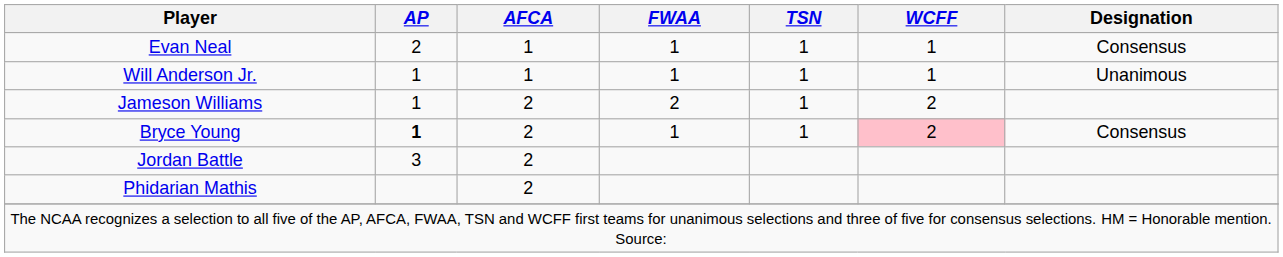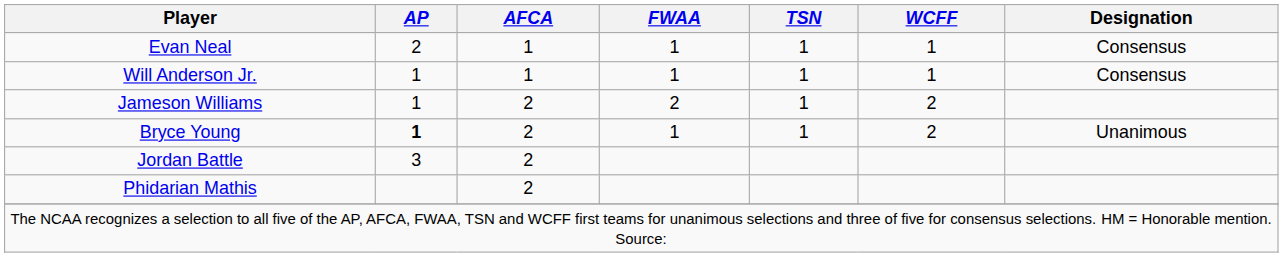 <table class="wikitable" style="width: 90%;text-align: center;">
 <tr>
 <th>Player</th>
 <th><a href='#'><span><em>AP</em></span></a></th>
 <th><a href='#'><span><em>AFCA</em></span></a></th>
 <th><a href='#'><span><em>FWAA</em></span></a></th>
 <th><a href='#'><span><em>TSN</em></span></a></th>
 <th><a href='#'><span><em>WCFF</em></span></a></th>
 <th>Designation</th>
 </tr>
 <tr align="center">
 <td><a href='#'>Evan Neal</a></td>
 <td>2</td>
 <td>1</td>
 <td>1</td>
 <td>1</td>
 <td>1</td>
 <td>Consensus</td>
 </tr>
 <tr>
 <td><a href='#'>Will Anderson Jr.</a></td>
 <td>1</td>
 <td>1</td>
 <td>1</td>
 <td>1</td>
 <td>1</td>
-<td>Unanimous</td>
+<td>Consensus</td>
 </tr>
 <tr>
 <td><a href='#'>Jameson Williams</a></td>
 <td>1</td>
 <td>2</td>
 <td>2</td>
 <td>1</td>
 <td>2</td>
 <td></td>
 </tr>
 <tr>
 <td><a href='#'>Bryce Young</a></td>
 <td><strong>1</strong></td>
 <td>2</td>
 <td>1</td>
 <td>1</td>
-<td style="background: pink;">2</td>
-<td>Consensus</td>
+<td>2</td>
+<td>Unanimous</td>
 </tr>
 <tr>
 <td><a href='#'>Jordan Battle</a></td>
 <td>3</td>
 <td>2</td>
 <td></td>
 <td></td>
 <td></td>
 <td></td>
 </tr>
 <tr>
 <td><a href='#'>Phidarian Mathis</a></td>
 <td></td>
 <td>2</td>
 <td></td>
 <td></td>
 <td></td>
 <td></td>
 </tr>
 <tr>
 </tr>
 <tr align="center">
 <td colspan=7><small>The NCAA recognizes a selection to all five of the AP, AFCA, FWAA, TSN and WCFF first teams for unanimous selections and three of five for consensus selections.</small> <small>HM = Honorable mention. Source: </small></td>
 </tr>
 </table>
